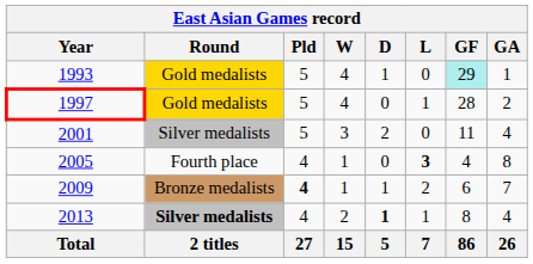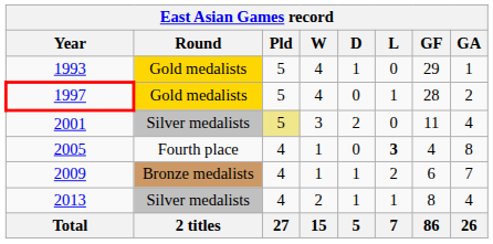 <table class="wikitable" style="text-align: center;">
 <tr>
 <th colspan="8"><a href='#'>East Asian Games</a> record</th>
 </tr>
 <tr>
 <th width="120">Year</th>
 <th width="120">Round</th>
 <th width="30">Pld</th>
 <th width="30">W</th>
 <th width="30">D</th>
 <th width="30">L</th>
 <th width="30">GF</th>
 <th width="30">GA</th>
 </tr>
 <tr>
 <td> <a href='#'>1993</a></td>
 <td style="background:gold;">Gold medalists</td>
 <td>5</td>
 <td>4</td>
 <td>1</td>
 <td>0</td>
-<td style="background: paleturquoise;">29</td>
+<td>29</td>
 <td>1</td>
 </tr>
 <tr>
 <td style="border: 3px solid red"> <a href='#'>1997</a></td>
 <td style="background:gold;">Gold medalists</td>
 <td>5</td>
 <td>4</td>
 <td>0</td>
 <td>1</td>
 <td>28</td>
 <td>2</td>
 </tr>
 <tr>
 <td> <a href='#'>2001</a></td>
 <td style="background:silver;">Silver medalists</td>
-<td>5</td>
+<td style="background: khaki;">5</td>
 <td>3</td>
 <td>2</td>
 <td>0</td>
 <td>11</td>
 <td>4</td>
 </tr>
 <tr>
 <td> <a href='#'>2005</a></td>
 <td>Fourth place</td>
 <td>4</td>
 <td>1</td>
 <td>0</td>
 <td><strong>3</strong></td>
 <td>4</td>
 <td>8</td>
 </tr>
 <tr>
 <td> <a href='#'>2009</a></td>
 <td bgcolor="#cc9966">Bronze medalists</td>
-<td><strong>4</strong></td>
+<td>4</td>
 <td>1</td>
 <td>1</td>
 <td>2</td>
 <td>6</td>
 <td>7</td>
 </tr>
 <tr>
 <td> <a href='#'>2013</a></td>
-<td style="background:silver;"><strong>Silver medalists</strong></td>
+<td style="background:silver;">Silver medalists</td>
 <td>4</td>
 <td>2</td>
-<td><strong>1</strong></td>
+<td>1</td>
 <td>1</td>
 <td>8</td>
 <td>4</td>
 </tr>
 <tr>
 <th>Total</th>
 <th>2 titles</th>
 <th>27</th>
 <th>15</th>
 <th>5</th>
 <th>7</th>
 <th>86</th>
 <th>26</th>
 </tr>
 </table>
